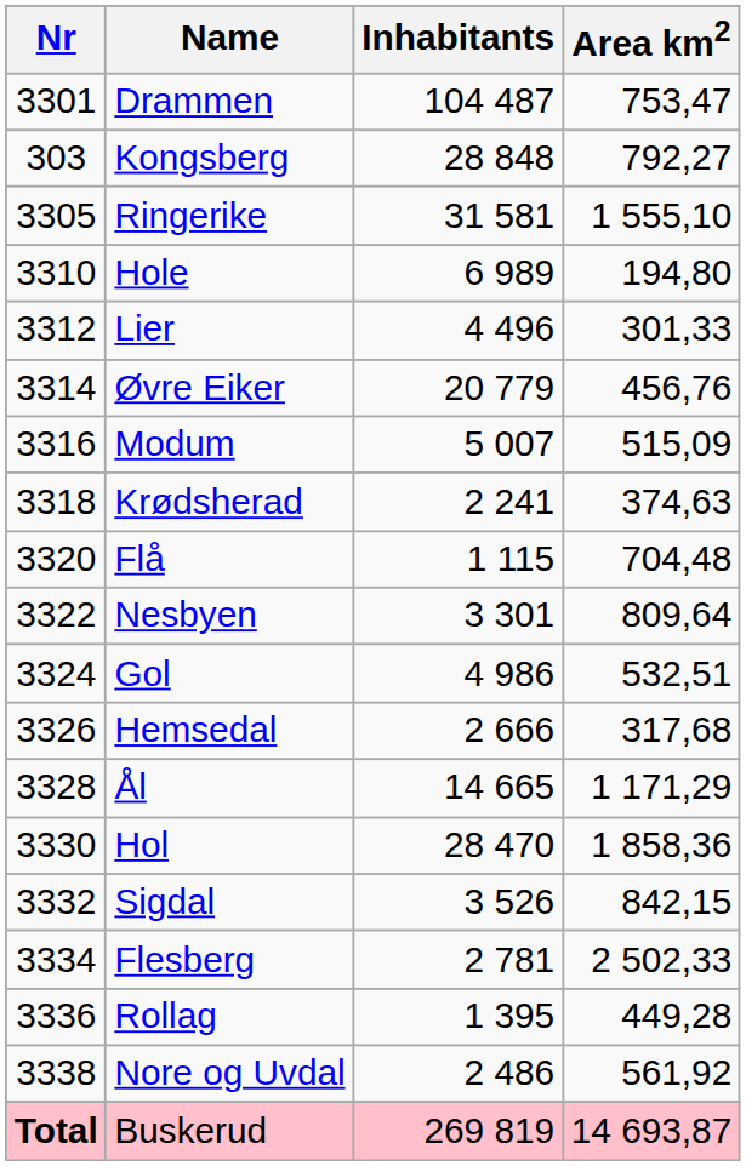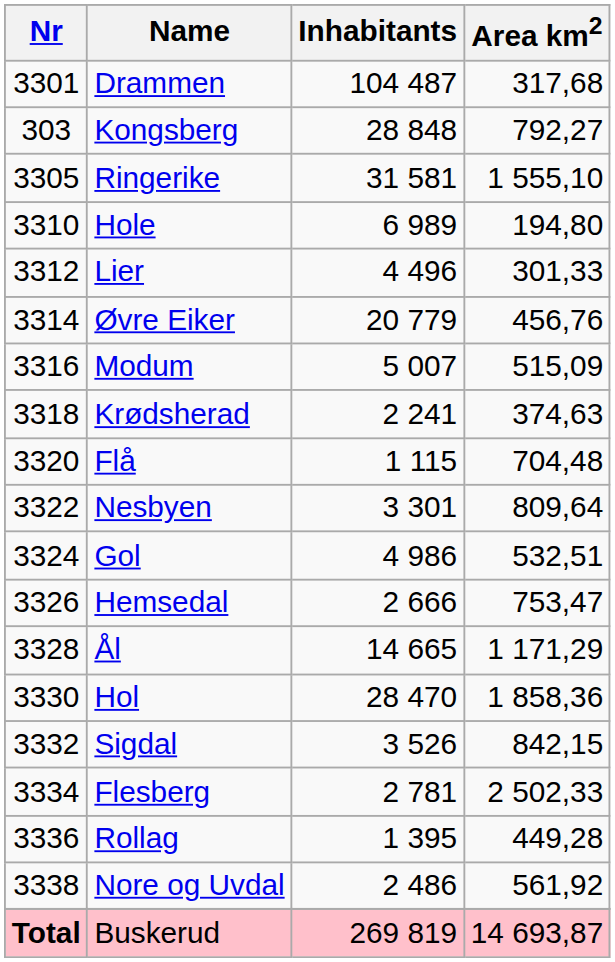 <table class="wikitable sortable">
 <tr>
 <th><a href='#'>Nr</a></th>
 <th>Name</th>
 <th>Inhabitants</th>
 <th>Area km<sup>2</sup></th>
 </tr>
 <tr align="center">
 <td>3301</td>
 <td align="left"> <a href='#'>Drammen</a></td>
 <td align="right">104 487</td>
-<td align="right">753,47</td>
+<td align="right">317,68</td>
 </tr>
 <tr align="center">
 <td>303</td>
 <td align="left"> <a href='#'>Kongsberg</a></td>
 <td align="right">28 848</td>
 <td align="right">792,27</td>
 </tr>
 <tr align="center">
 <td>3305</td>
 <td align="left"> <a href='#'>Ringerike</a></td>
 <td align="right">31 581</td>
 <td align="right">1 555,10</td>
 </tr>
 <tr align="center">
 <td>3310</td>
 <td align="left"> <a href='#'>Hole</a></td>
 <td align="right">6 989</td>
 <td align="right">194,80</td>
 </tr>
 <tr align="center">
 <td>3312</td>
 <td align="left"> <a href='#'>Lier</a></td>
 <td align="right">4 496</td>
 <td align="right">301,33</td>
 </tr>
 <tr align="center">
 <td>3314</td>
 <td align="left"> <a href='#'>Øvre Eiker</a></td>
 <td align="right">20 779</td>
 <td align="right">456,76</td>
 </tr>
 <tr align="center">
 <td>3316</td>
 <td align="left"> <a href='#'>Modum</a></td>
 <td align="right">5 007</td>
 <td align="right">515,09</td>
 </tr>
 <tr align="center">
 <td>3318</td>
 <td align="left"> <a href='#'>Krødsherad</a></td>
 <td align="right">2 241</td>
 <td align="right">374,63</td>
 </tr>
 <tr align="center">
 <td>3320</td>
 <td align="left"> <a href='#'>Flå</a></td>
 <td align="right">1 115</td>
 <td align="right">704,48</td>
 </tr>
 <tr align="center">
 <td>3322</td>
 <td align="left"> <a href='#'>Nesbyen</a></td>
 <td align="right">3 301</td>
 <td align="right">809,64</td>
 </tr>
 <tr align="center">
 <td>3324</td>
 <td align="left"> <a href='#'>Gol</a></td>
 <td align="right">4 986</td>
 <td align="right">532,51</td>
 </tr>
 <tr align="center">
 <td>3326</td>
 <td align="left"> <a href='#'>Hemsedal</a></td>
 <td align="right">2 666</td>
-<td align="right">317,68</td>
+<td align="right">753,47</td>
 </tr>
 <tr align="center">
 <td>3328</td>
 <td align="left"> <a href='#'>Ål</a></td>
 <td align="right">14 665</td>
 <td align="right">1 171,29</td>
 </tr>
 <tr align="center">
 <td>3330</td>
 <td align="left"> <a href='#'>Hol</a></td>
 <td align="right">28 470</td>
 <td align="right">1 858,36</td>
 </tr>
 <tr align="center">
 <td>3332</td>
 <td align="left"> <a href='#'>Sigdal</a></td>
 <td align="right">3 526</td>
 <td align="right">842,15</td>
 </tr>
 <tr align="center">
 <td>3334</td>
 <td align="left"> <a href='#'>Flesberg</a></td>
 <td align="right">2 781</td>
 <td align="right">2 502,33</td>
 </tr>
 <tr align="center">
 <td>3336</td>
 <td align="left"> <a href='#'>Rollag</a></td>
 <td align="right">1 395</td>
 <td align="right">449,28</td>
 </tr>
 <tr align="center">
 <td>3338</td>
 <td align="left"> <a href='#'>Nore og Uvdal</a></td>
 <td align="right">2 486</td>
 <td align="right">561,92</td>
 </tr>
 <tr align="center">
 </tr>
 <tr align="center">
 </tr>
 <tr bgcolor="pink" align="center" class="sortbottom">
 <td bgcolor="pink"><strong>Total</strong></td>
 <td bgcolor="pink" align="left"> Buskerud</td>
 <td bgcolor="pink" align="right">269 819</td>
 <td bgcolor="pink" align="right">14 693,87</td>
 </tr>
 </table>
